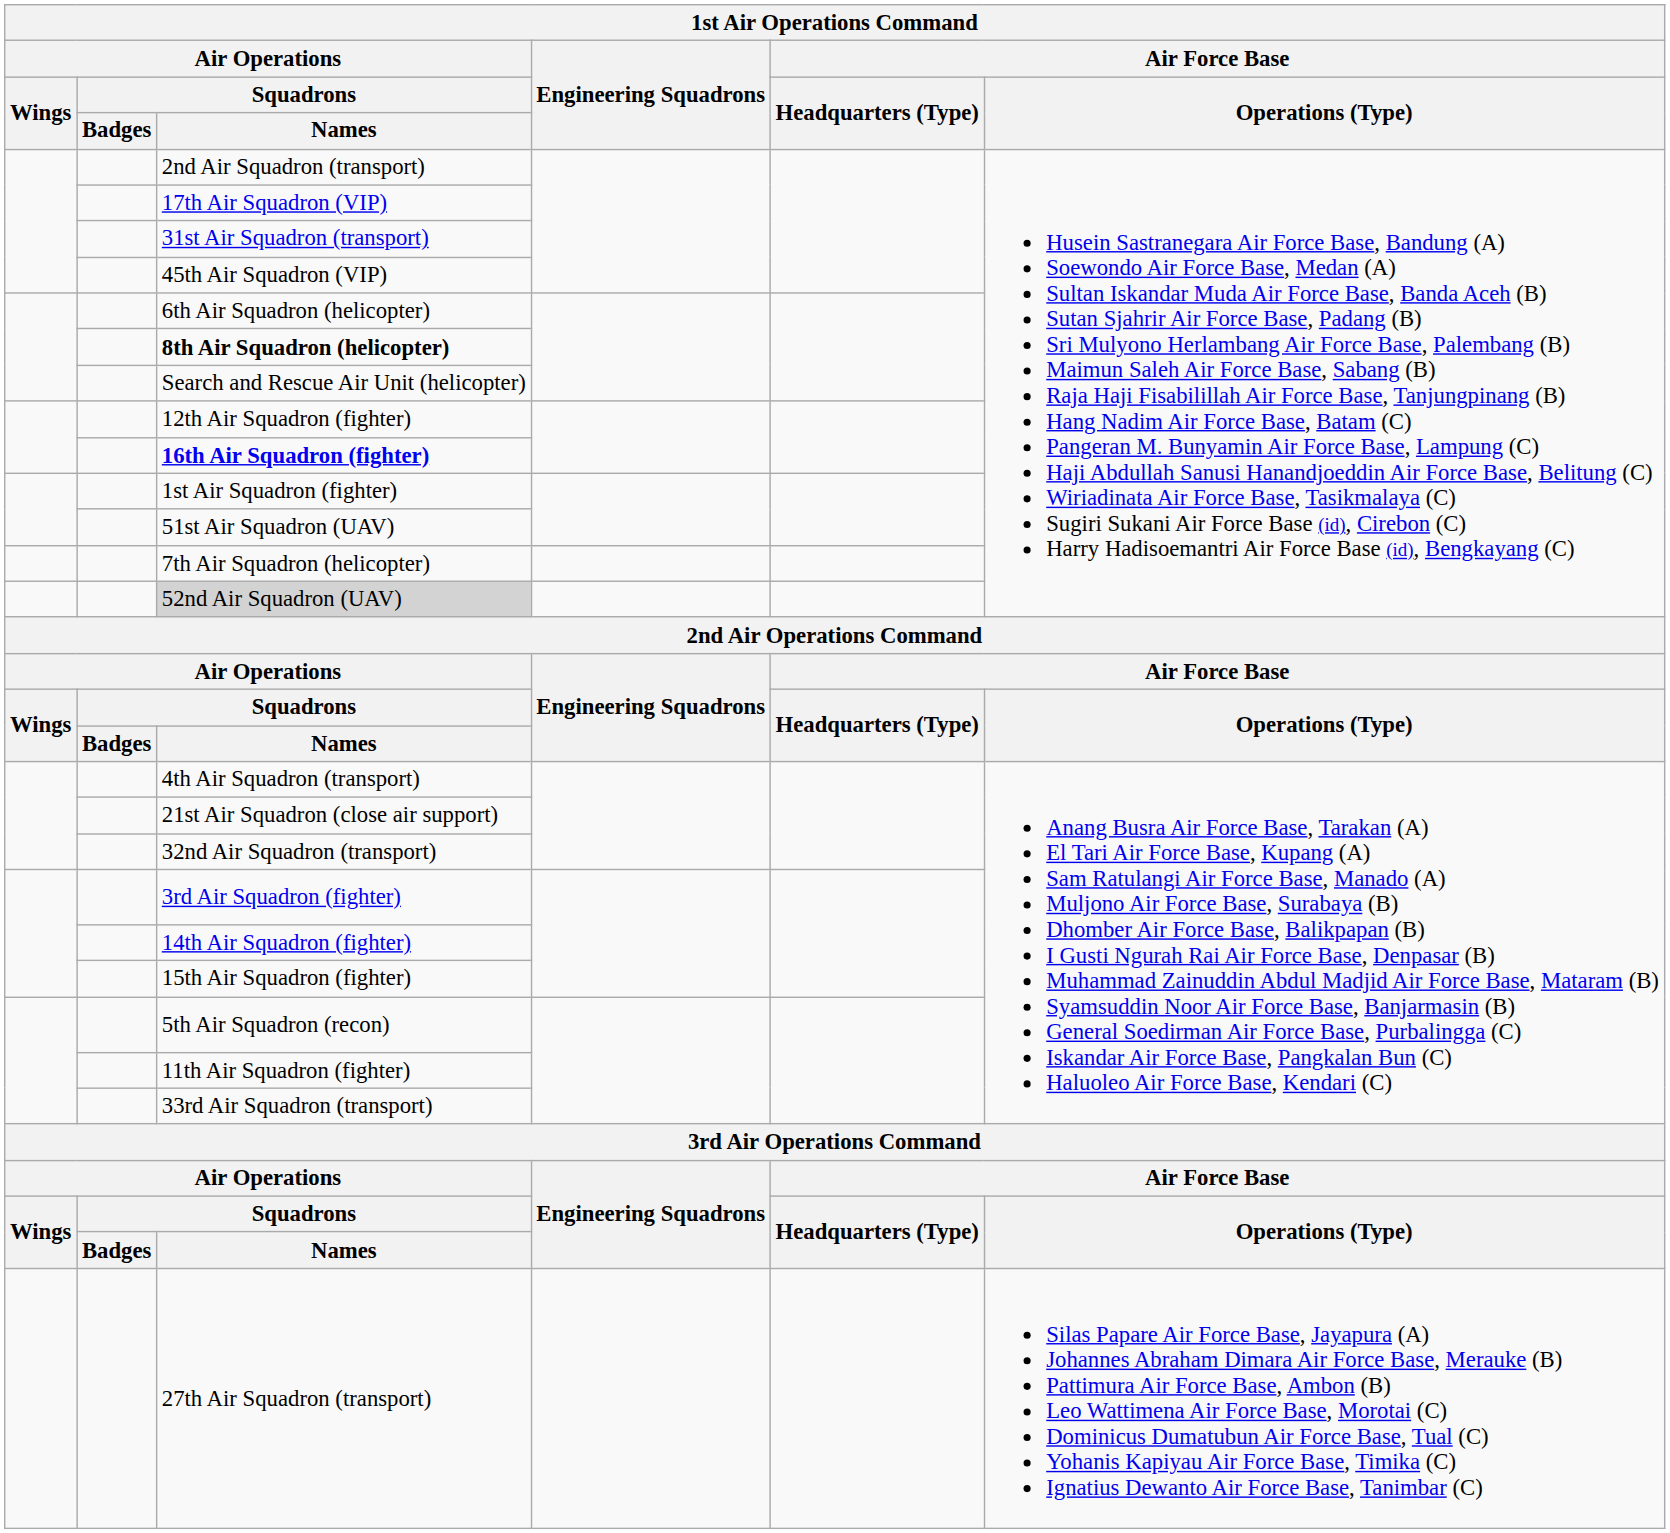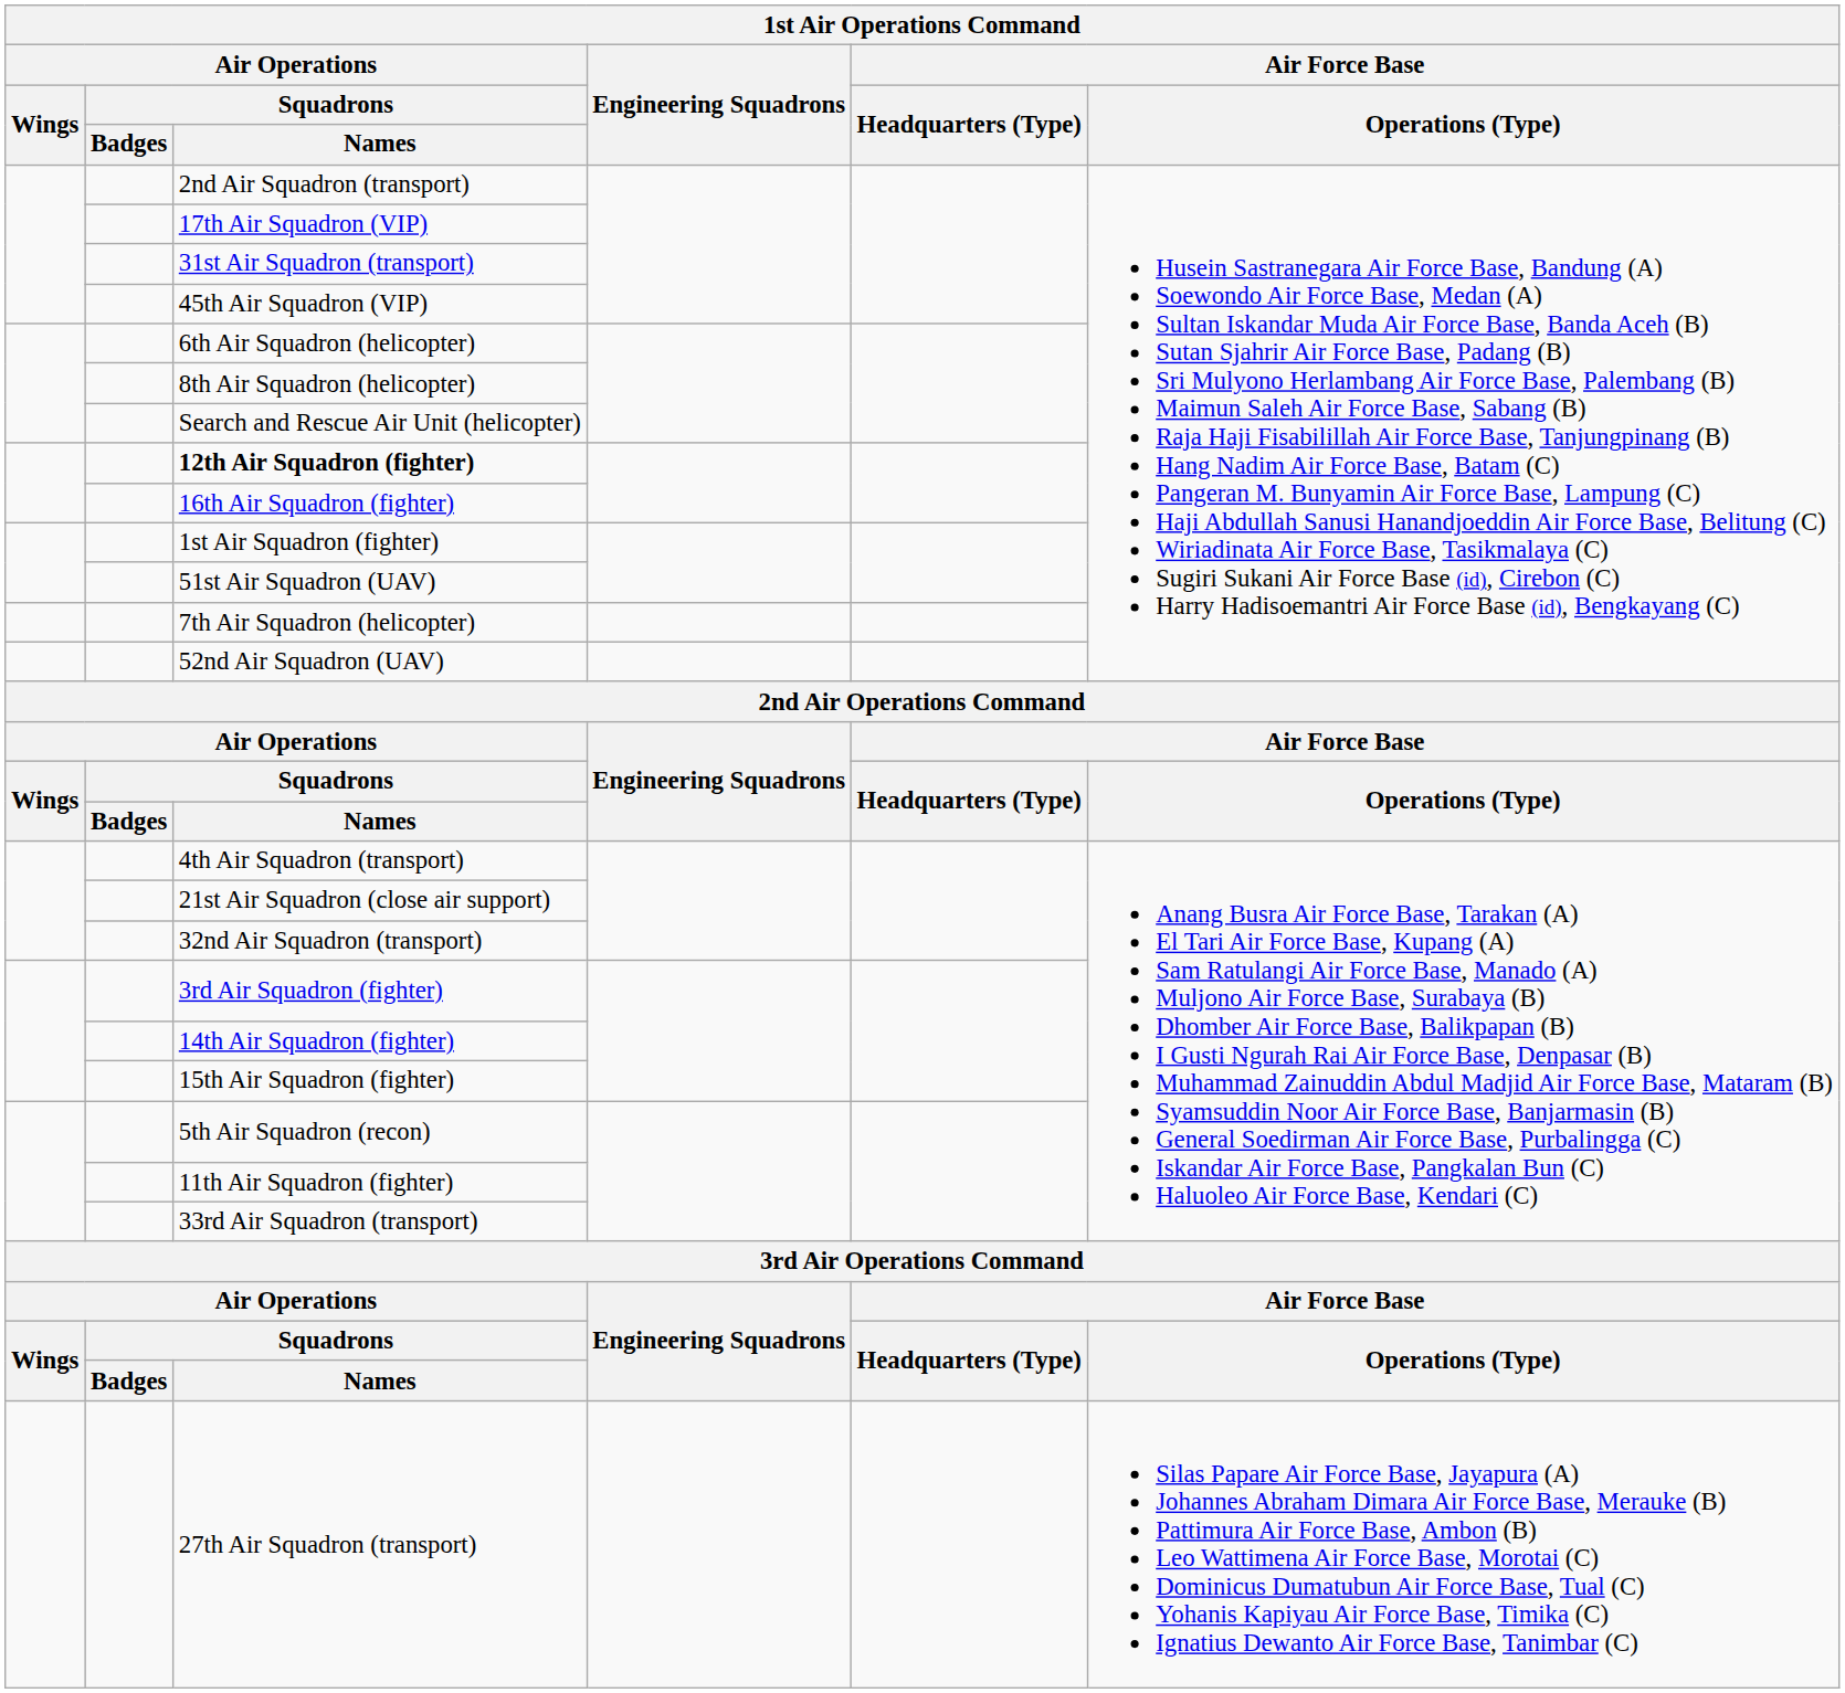 <table class="wikitable">
 <tr>
 <th colspan="6"> 1st Air Operations Command</th>
 </tr>
 <tr>
 <th colspan="3">Air Operations</th>
 <th rowspan="3">Engineering Squadrons</th>
 <th colspan="2"> Air Force Base</th>
 </tr>
 <tr>
 <th rowspan="2">Wings</th>
 <th colspan="2">Squadrons</th>
 <th rowspan="2">Headquarters (Type)</th>
 <th rowspan="2">Operations (Type)</th>
 </tr>
 <tr>
 <th>Badges</th>
 <th>Names</th>
 </tr>
 <tr>
 <td rowspan="4"></td>
 <td></td>
 <td>2nd Air Squadron (transport)</td>
 <td rowspan="4"></td>
 <td rowspan="4"></td>
 <td rowspan="13"><br><ul><li><a href='#'>Husein Sastranegara Air Force Base</a>, <a href='#'>Bandung</a> (A)</li><li><a href='#'>Soewondo Air Force Base</a>, <a href='#'>Medan</a> (A)</li><li><a href='#'>Sultan Iskandar Muda Air Force Base</a>, <a href='#'>Banda Aceh</a> (B)</li><li><a href='#'>Sutan Sjahrir Air Force Base</a>, <a href='#'>Padang</a> (B)</li><li><a href='#'>Sri Mulyono Herlambang Air Force Base</a>, <a href='#'>Palembang</a> (B)</li><li><a href='#'>Maimun Saleh Air Force Base</a>, <a href='#'>Sabang</a> (B)</li><li><a href='#'>Raja Haji Fisabilillah Air Force Base</a>, <a href='#'>Tanjungpinang</a> (B)</li><li><a href='#'>Hang Nadim Air Force Base</a>, <a href='#'>Batam</a> (C)</li><li><a href='#'>Pangeran M. Bunyamin Air Force Base</a>, <a href='#'>Lampung</a> (C)</li><li><a href='#'>Haji Abdullah Sanusi Hanandjoeddin Air Force Base</a>, <a href='#'>Belitung</a> (C)</li><li><a href='#'>Wiriadinata Air Force Base</a>, <a href='#'>Tasikmalaya</a> (C)</li><li>Sugiri Sukani Air Force Base <small><a href='#'>(id)</a></small>, <a href='#'>Cirebon</a> (C)</li><li>Harry Hadisoemantri Air Force Base <small><a href='#'>(id)</a></small>, <a href='#'>Bengkayang</a> (C)</li></ul></td>
 </tr>
 <tr>
 <td></td>
 <td><a href='#'>17th Air Squadron (VIP)</a></td>
 </tr>
 <tr>
 <td></td>
 <td><a href='#'>31st Air Squadron (transport)</a></td>
 </tr>
 <tr>
 <td></td>
 <td>45th Air Squadron (VIP)</td>
 </tr>
 <tr>
 <td rowspan="3"></td>
 <td></td>
 <td>6th Air Squadron (helicopter)</td>
 <td rowspan="3"></td>
 <td rowspan="3"></td>
 </tr>
 <tr>
 <td></td>
-<td><strong>8th Air Squadron (helicopter)</strong></td>
+<td>8th Air Squadron (helicopter)</td>
 </tr>
 <tr>
 <td></td>
 <td>Search and Rescue Air Unit (helicopter)</td>
 </tr>
 <tr>
 <td rowspan="2"></td>
 <td></td>
-<td>12th Air Squadron (fighter)</td>
+<td><strong>12th Air Squadron (fighter)</strong></td>
 <td rowspan="2"></td>
 <td rowspan="2"></td>
 </tr>
 <tr>
 <td></td>
-<td><strong><a href='#'>16th Air Squadron (fighter)</a></strong></td>
+<td><a href='#'>16th Air Squadron (fighter)</a></td>
 </tr>
 <tr>
 <td rowspan="2"></td>
 <td></td>
 <td>1st Air Squadron (fighter)</td>
 <td rowspan="2"></td>
 <td rowspan="2"></td>
 </tr>
 <tr>
 <td></td>
 <td>51st Air Squadron (UAV)</td>
 </tr>
 <tr>
 <td></td>
 <td></td>
 <td>7th Air Squadron (helicopter)</td>
 <td></td>
 <td></td>
 </tr>
 <tr>
 <td></td>
 <td></td>
-<td style="background: lightgrey;">52nd Air Squadron (UAV)</td>
+<td>52nd Air Squadron (UAV)</td>
 <td></td>
 <td></td>
 </tr>
 <tr>
 <th colspan="6"> 2nd Air Operations Command</th>
 </tr>
 <tr>
 <th colspan="3">Air Operations</th>
 <th rowspan="3">Engineering Squadrons</th>
 <th colspan="2"> Air Force Base</th>
 </tr>
 <tr>
 <th rowspan="2">Wings</th>
 <th colspan="2">Squadrons</th>
 <th rowspan="2">Headquarters (Type)</th>
 <th rowspan="2">Operations (Type)</th>
 </tr>
 <tr>
 <th>Badges</th>
 <th>Names</th>
 </tr>
 <tr>
 <td rowspan="3"></td>
 <td></td>
 <td>4th Air Squadron (transport)</td>
 <td rowspan="3"></td>
 <td rowspan="3"></td>
 <td rowspan="9"><br><ul><li><a href='#'>Anang Busra Air Force Base</a>, <a href='#'>Tarakan</a> (A)</li><li><a href='#'>El Tari Air Force Base</a>, <a href='#'>Kupang</a> (A)</li><li><a href='#'>Sam Ratulangi Air Force Base</a>, <a href='#'>Manado</a> (A)</li><li><a href='#'>Muljono Air Force Base</a>, <a href='#'>Surabaya</a> (B)</li><li><a href='#'>Dhomber Air Force Base</a>, <a href='#'>Balikpapan</a> (B)</li><li><a href='#'>I Gusti Ngurah Rai Air Force Base</a>, <a href='#'>Denpasar</a> (B)</li><li><a href='#'>Muhammad Zainuddin Abdul Madjid Air Force Base</a>, <a href='#'>Mataram</a> (B)</li><li><a href='#'>Syamsuddin Noor Air Force Base</a>, <a href='#'>Banjarmasin</a> (B)</li><li><a href='#'>General Soedirman Air Force Base</a>, <a href='#'>Purbalingga</a> (C)</li><li><a href='#'>Iskandar Air Force Base</a>, <a href='#'>Pangkalan Bun</a> (C)</li><li><a href='#'>Haluoleo Air Force Base</a>, <a href='#'>Kendari</a> (C)</li></ul></td>
 </tr>
 <tr>
 <td></td>
 <td>21st Air Squadron (close air support)</td>
 </tr>
 <tr>
 <td></td>
 <td>32nd Air Squadron (transport)</td>
 </tr>
 <tr>
 <td rowspan="3"></td>
 <td></td>
 <td><a href='#'>3rd Air Squadron (fighter)</a></td>
 <td rowspan="3"></td>
 <td rowspan="3"></td>
 </tr>
 <tr>
 <td></td>
 <td><a href='#'>14th Air Squadron (fighter)</a></td>
 </tr>
 <tr>
 <td></td>
 <td>15th Air Squadron (fighter)</td>
 </tr>
 <tr>
 <td rowspan="3"></td>
 <td></td>
 <td>5th Air Squadron (recon)</td>
 <td rowspan="3"></td>
 <td rowspan="3"></td>
 </tr>
 <tr>
 <td></td>
 <td>11th Air Squadron (fighter)</td>
 </tr>
 <tr>
 <td></td>
 <td>33rd Air Squadron (transport)</td>
 </tr>
 <tr>
 <th colspan="6"> 3rd Air Operations Command</th>
 </tr>
 <tr>
 <th colspan="3">Air Operations</th>
 <th rowspan="3">Engineering Squadrons</th>
 <th colspan="2"> Air Force Base</th>
 </tr>
 <tr>
 <th rowspan="2">Wings</th>
 <th colspan="2">Squadrons</th>
 <th rowspan="2">Headquarters (Type)</th>
 <th rowspan="2">Operations (Type)</th>
 </tr>
 <tr>
 <th>Badges</th>
 <th>Names</th>
 </tr>
 <tr>
 <td rowspan="1"></td>
 <td></td>
 <td>27th Air Squadron (transport)</td>
 <td rowspan="1"></td>
 <td rowspan="1"></td>
 <td rowspan="1"><br><ul><li><a href='#'>Silas Papare Air Force Base</a>, <a href='#'>Jayapura</a> (A)</li><li><a href='#'>Johannes Abraham Dimara Air Force Base</a>, <a href='#'>Merauke</a> (B)</li><li><a href='#'>Pattimura Air Force Base</a>, <a href='#'>Ambon</a> (B)</li><li><a href='#'>Leo Wattimena Air Force Base</a>, <a href='#'>Morotai</a> (C)</li><li><a href='#'>Dominicus Dumatubun Air Force Base</a>, <a href='#'>Tual</a> (C)</li><li><a href='#'>Yohanis Kapiyau Air Force Base</a>, <a href='#'>Timika</a> (C)</li><li><a href='#'>Ignatius Dewanto Air Force Base</a>, <a href='#'>Tanimbar</a> (C)</li></ul></td>
 </tr>
 </table>
